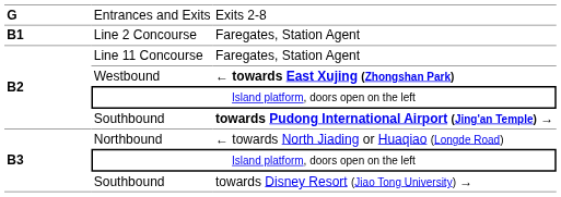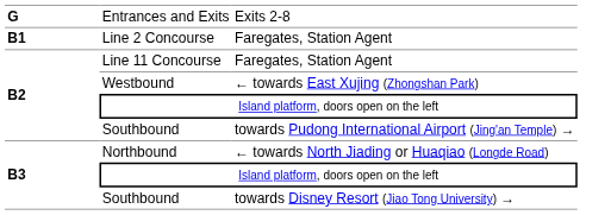 <table cellspacing=0 cellpadding=3>
 <tr>
 <td style="border-top:solid 1px gray;border-bottom:solid 1px gray;" width=100><strong>G</strong></td>
 <td style="border-top:solid 1px gray;border-bottom:solid 1px gray;">Entrances and Exits</td>
 <td style="border-top:solid 1px gray;border-bottom:solid 1px gray;">Exits 2-8</td>
 </tr>
 <tr>
 <td style="border-bottom:solid 1px gray;"><strong>B1</strong></td>
 <td style="border-bottom:solid 1px gray;">Line 2 Concourse</td>
 <td style="border-bottom:solid 1px gray;">Faregates, Station Agent</td>
 </tr>
 <tr>
 <td style="border-bottom:solid 1px gray;" rowspan=4><strong>B2</strong></td>
 <td style="border-bottom:solid 1px gray;">Line 11 Concourse</td>
 <td style="border-bottom:solid 1px gray;">Faregates, Station Agent</td>
 </tr>
 <tr>
 <td>Westbound</td>
-<td><strong>←  towards <a href='#'>East Xujing</a> <small>(<a href='#'>Zhongshan Park</a>)</small></strong></td>
+<td>←  towards <a href='#'>East Xujing</a> <small>(<a href='#'>Zhongshan Park</a>)</small></td>
 </tr>
 <tr>
 <td style="border-right:solid 2px black;border-left:solid 2px black;border-top:solid 2px black;border-bottom:solid 2px black;text-align:center;" colspan=2><small><a href='#'>Island platform</a>, doors open on the left</small></td>
 </tr>
 <tr>
 <td style="border-bottom:solid 1px gray;">Southbound</td>
-<td style="border-bottom:solid 1px gray;"><strong>  towards <a href='#'>Pudong International Airport</a> <small>(<a href='#'>Jing'an Temple</a>)</small> →</strong></td>
+<td style="border-bottom:solid 1px gray;">  towards <a href='#'>Pudong International Airport</a> <small>(<a href='#'>Jing'an Temple</a>)</small> →</td>
 </tr>
 <tr>
 <td style="border-bottom:solid 1px gray;" rowspan=3><strong>B3</strong></td>
 <td>Northbound</td>
 <td>←  towards <a href='#'>North Jiading</a> or <a href='#'>Huaqiao</a> <small>(<a href='#'>Longde Road</a>)</small></td>
 </tr>
 <tr>
 <td style="border-right:solid 2px black;border-left:solid 2px black;border-top:solid 2px black;border-bottom:solid 2px black;text-align:center;" colspan=2><small><a href='#'>Island platform</a>, doors open on the left</small></td>
 </tr>
 <tr>
 <td style="border-bottom:solid 1px gray;">Southbound</td>
 <td style="border-bottom:solid 1px gray;">  towards <a href='#'>Disney Resort</a> <small>(<a href='#'>Jiao Tong University</a>)</small> →</td>
 </tr>
 </table>
